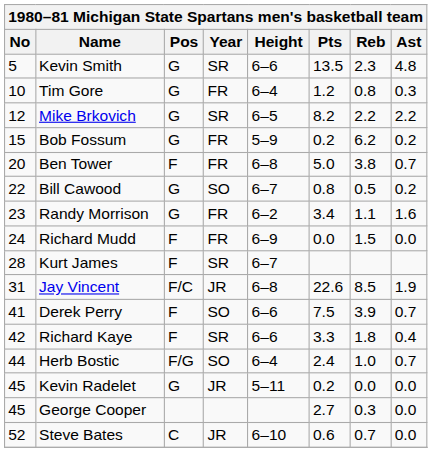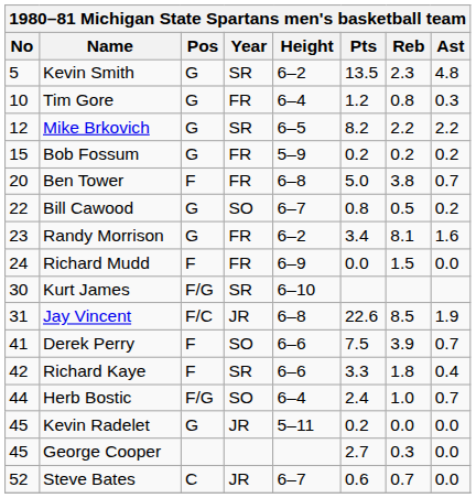 <table class="wikitable sortable" style="font-size: 90%" |->
 <tr>
 <th colspan=9 style=>1980–81 Michigan State Spartans men's basketball team</th>
 </tr>
 <tr>
 <th style="background:#">No</th>
 <th style="background:#">Name</th>
 <th style="background:#">Pos</th>
 <th style="background:#">Year</th>
 <th style="background:#">Height</th>
 <th style="background:#">Pts</th>
 <th style="background:#">Reb</th>
 <th style="background:#">Ast</th>
 </tr>
 <tr>
 <td>5</td>
 <td>Kevin Smith</td>
 <td>G</td>
 <td>SR</td>
-<td>6–6</td>
+<td>6–2</td>
 <td>13.5</td>
 <td>2.3</td>
 <td>4.8</td>
 </tr>
 <tr>
 <td>10</td>
 <td>Tim Gore</td>
 <td>G</td>
 <td>FR</td>
 <td>6–4</td>
 <td>1.2</td>
 <td>0.8</td>
 <td>0.3</td>
 </tr>
 <tr>
 <td>12</td>
 <td><a href='#'>Mike Brkovich</a></td>
 <td>G</td>
 <td>SR</td>
 <td>6–5</td>
 <td>8.2</td>
 <td>2.2</td>
 <td>2.2</td>
 </tr>
 <tr>
 <td>15</td>
 <td>Bob Fossum</td>
 <td>G</td>
 <td>FR</td>
 <td>5–9</td>
 <td>0.2</td>
-<td>6.2</td>
+<td>0.2</td>
 <td>0.2</td>
 </tr>
 <tr>
 <td>20</td>
 <td>Ben Tower</td>
 <td>F</td>
 <td>FR</td>
 <td>6–8</td>
 <td>5.0</td>
 <td>3.8</td>
 <td>0.7</td>
 </tr>
 <tr>
 <td>22</td>
 <td>Bill Cawood</td>
 <td>G</td>
 <td>SO</td>
 <td>6–7</td>
 <td>0.8</td>
 <td>0.5</td>
 <td>0.2</td>
 </tr>
 <tr>
 <td>23</td>
 <td>Randy Morrison</td>
 <td>G</td>
 <td>FR</td>
 <td>6–2</td>
 <td>3.4</td>
-<td>1.1</td>
+<td>8.1</td>
 <td>1.6</td>
 </tr>
 <tr>
 <td>24</td>
 <td>Richard Mudd</td>
 <td>F</td>
 <td>FR</td>
 <td>6–9</td>
 <td>0.0</td>
 <td>1.5</td>
 <td>0.0</td>
 </tr>
 <tr>
-<td>28</td>
+<td>30</td>
 <td>Kurt James</td>
-<td>F</td>
+<td>F/G</td>
 <td>SR</td>
-<td>6–7</td>
+<td>6–10</td>
 <td></td>
 <td></td>
 <td></td>
 </tr>
 <tr>
 <td>31</td>
 <td><a href='#'>Jay Vincent</a></td>
 <td>F/C</td>
 <td>JR</td>
 <td>6–8</td>
 <td>22.6</td>
 <td>8.5</td>
 <td>1.9</td>
 </tr>
 <tr>
 <td>41</td>
 <td>Derek Perry</td>
 <td>F</td>
 <td>SO</td>
 <td>6–6</td>
 <td>7.5</td>
 <td>3.9</td>
 <td>0.7</td>
 </tr>
 <tr>
 <td>42</td>
 <td>Richard Kaye</td>
 <td>F</td>
 <td>SR</td>
 <td>6–6</td>
 <td>3.3</td>
 <td>1.8</td>
 <td>0.4</td>
 </tr>
 <tr>
 <td>44</td>
 <td>Herb Bostic</td>
 <td>F/G</td>
 <td>SO</td>
 <td>6–4</td>
 <td>2.4</td>
 <td>1.0</td>
 <td>0.7</td>
 </tr>
 <tr>
 <td>45</td>
 <td>Kevin Radelet</td>
 <td>G</td>
 <td>JR</td>
 <td>5–11</td>
 <td>0.2</td>
 <td>0.0</td>
 <td>0.0</td>
 </tr>
 <tr>
 <td>45</td>
 <td>George Cooper</td>
 <td></td>
 <td></td>
 <td></td>
 <td>2.7</td>
 <td>0.3</td>
 <td>0.0</td>
 </tr>
 <tr>
 <td>52</td>
 <td>Steve Bates</td>
 <td>C</td>
 <td>JR</td>
-<td>6–10</td>
+<td>6–7</td>
 <td>0.6</td>
 <td>0.7</td>
 <td>0.0</td>
 </tr>
 <tr>
 </tr>
 <tr>
 </tr>
 </table>
